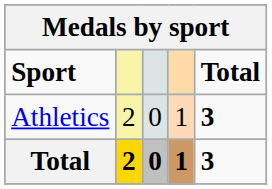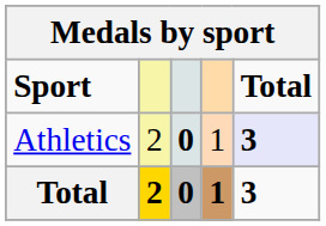 <table class=wikitable style="font-size:95%; ">
 <tr bgcolor=EFEFEF>
 <th colspan=7><strong>Medals by sport</strong></th>
 </tr>
 <tr>
 <td><strong>Sport</strong></td>
 <td bgcolor=F7F6A8></td>
 <td bgcolor=DCE5E5></td>
 <td bgcolor=FFDBA9></td>
 <td><strong>Total</strong></td>
 </tr>
 <tr>
 <td><a href='#'>Athletics</a></td>
 <td bgcolor=F7F6A8>2</td>
-<td bgcolor=DCE5E5>0</td>
+<td bgcolor=DCE5E5><strong>0</strong></td>
 <td bgcolor=FFDAB9>1</td>
-<td><strong>3</strong></td>
+<td style="background: lavender;"><strong>3</strong></td>
 </tr>
 <tr>
 <th><strong>Total</strong></th>
 <td style="background:gold;"><strong>2</strong></td>
 <td style="background:silver;"><strong>0</strong></td>
 <td style="background:#c96;"><strong>1</strong></td>
 <td><strong>3</strong></td>
 </tr>
 </table>
